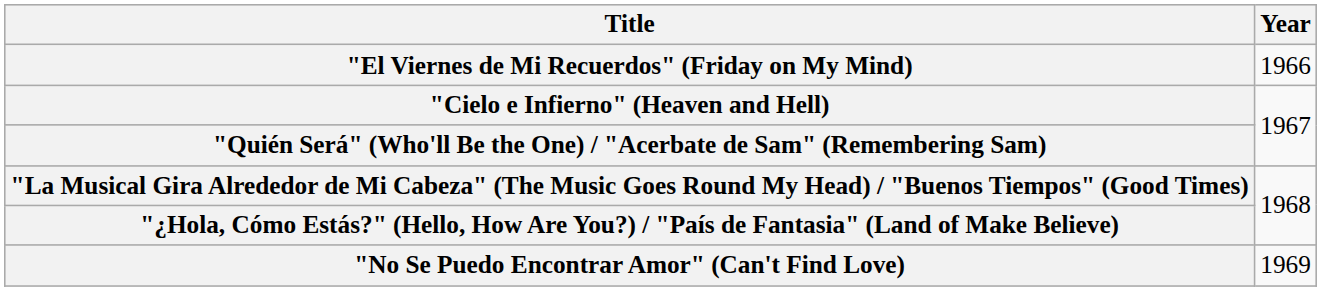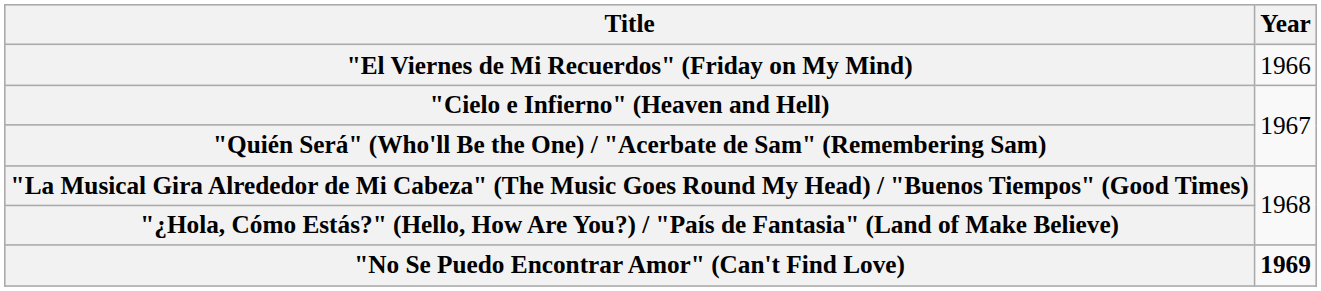 <table class="wikitable plainrowheaders">
 <tr>
 <th scope="col">Title</th>
 <th scope="col">Year</th>
 </tr>
 <tr>
 <th scope="row">"El Viernes de Mi Recuerdos" (Friday on My Mind)</th>
 <td>1966</td>
 </tr>
 <tr>
 <th scope="row">"Cielo e Infierno" (Heaven and Hell)</th>
 <td rowspan="2">1967</td>
 </tr>
 <tr>
 <th scope="row">"Quién Será" (Who'll Be the One) / "Acerbate de Sam" (Remembering Sam)</th>
 </tr>
 <tr>
 <th scope="row">"La Musical Gira Alrededor de Mi Cabeza" (The Music Goes Round My Head) / "Buenos Tiempos" (Good Times)</th>
 <td rowspan="2">1968</td>
 </tr>
 <tr>
 <th scope="row">"¿Hola, Cómo Estás?" (Hello, How Are You?) / "País de Fantasia" (Land of Make Believe)</th>
 </tr>
 <tr>
 <th scope="row">"No Se Puedo Encontrar Amor" (Can't Find Love)</th>
-<td>1969</td>
+<td><strong>1969</strong></td>
 </tr>
 </table>
